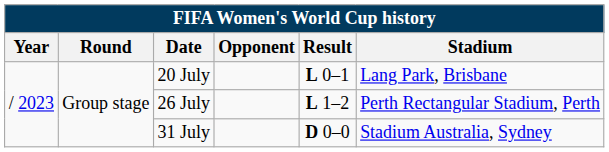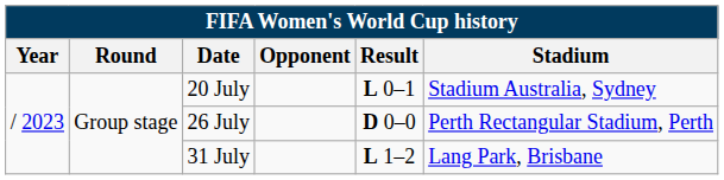 <table class="wikitable collapsible collapsed" style="text-align: center;font-size:100%;">
 <tr>
 <th colspan=6 style="background: #013A5E; color: #FFFFFF;">FIFA Women's World Cup history</th>
 </tr>
 <tr>
 <th>Year</th>
 <th>Round</th>
 <th>Date</th>
 <th>Opponent</th>
 <th>Result</th>
 <th>Stadium</th>
 </tr>
 <tr>
 <td rowspan=3>/ <a href='#'>2023</a></td>
 <td rowspan=3>Group stage</td>
 <td align="left">20 July</td>
 <td align="left"></td>
 <td><strong>L</strong> 0–1</td>
-<td align="left"><a href='#'>Lang Park</a>, <a href='#'>Brisbane</a></td>
+<td align="left"><a href='#'>Stadium Australia</a>, <a href='#'>Sydney</a></td>
 </tr>
 <tr>
 <td align="left">26 July</td>
 <td align="left"></td>
-<td><strong>L</strong> 1–2</td>
+<td><strong>D</strong> 0–0</td>
 <td align="left"><a href='#'>Perth Rectangular Stadium</a>, <a href='#'>Perth</a></td>
 </tr>
 <tr>
 <td align="left">31 July</td>
 <td align="left"></td>
-<td><strong>D</strong> 0–0</td>
-<td align="left"><a href='#'>Stadium Australia</a>, <a href='#'>Sydney</a></td>
+<td><strong>L</strong> 1–2</td>
+<td align="left"><a href='#'>Lang Park</a>, <a href='#'>Brisbane</a></td>
 </tr>
 </table>
